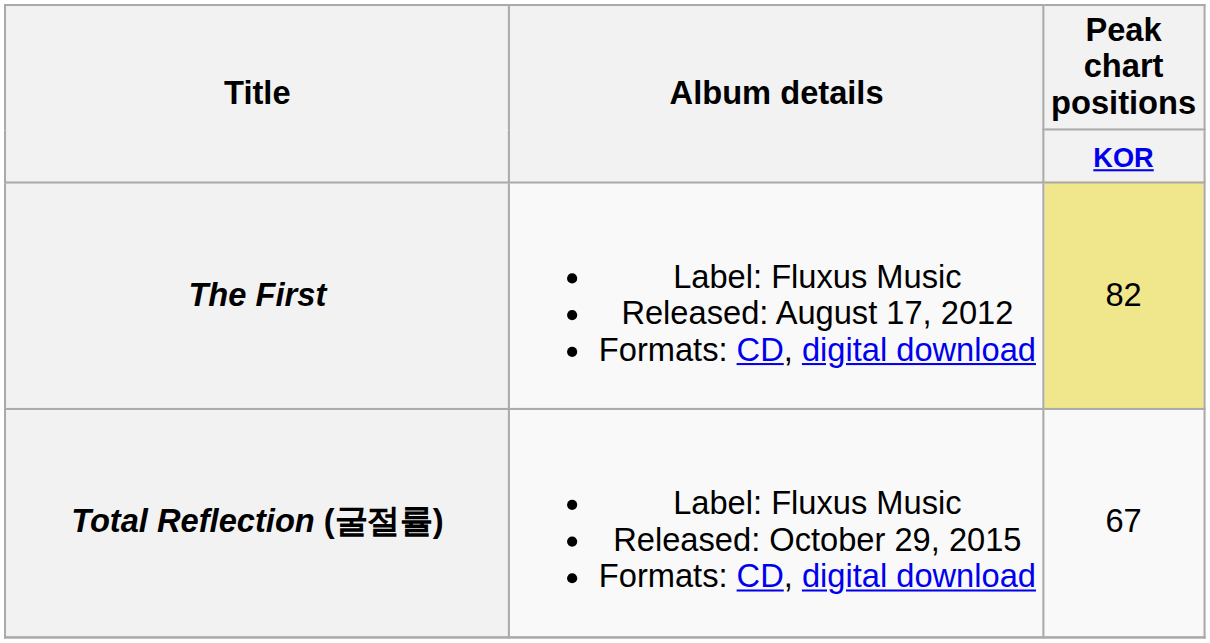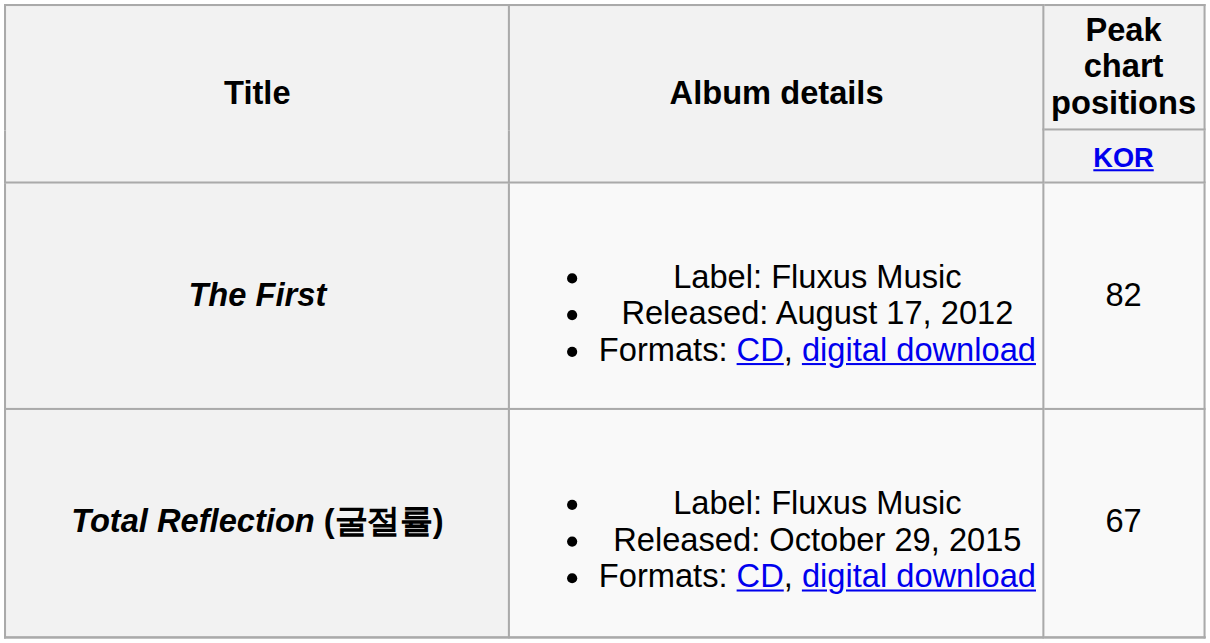 <table class="wikitable plainrowheaders" style="text-align:center;">
 <tr>
 <th scope="col" rowspan="2" style="width:15em;">Title</th>
 <th scope="col" rowspan="2">Album details</th>
 <th scope="col" style="width:3em;">Peak chart positions</th>
 </tr>
 <tr>
 <th><small><a href='#'>KOR</a></small><br></th>
 </tr>
 <tr>
 <th scope="row"><em>The First</em></th>
 <td><br><ul><li>Label: Fluxus Music</li><li>Released: August 17, 2012</li><li>Formats: <a href='#'>CD</a>, <a href='#'>digital download</a></li></ul></td>
-<td style="background: khaki;">82</td>
+<td>82</td>
 </tr>
 <tr>
 <th scope="row"><em>Total Reflection</em> (굴절률)</th>
 <td><br><ul><li>Label: Fluxus Music</li><li>Released: October 29, 2015</li><li>Formats: <a href='#'>CD</a>, <a href='#'>digital download</a></li></ul></td>
 <td>67</td>
 </tr>
 <tr>
 </tr>
 </table>
